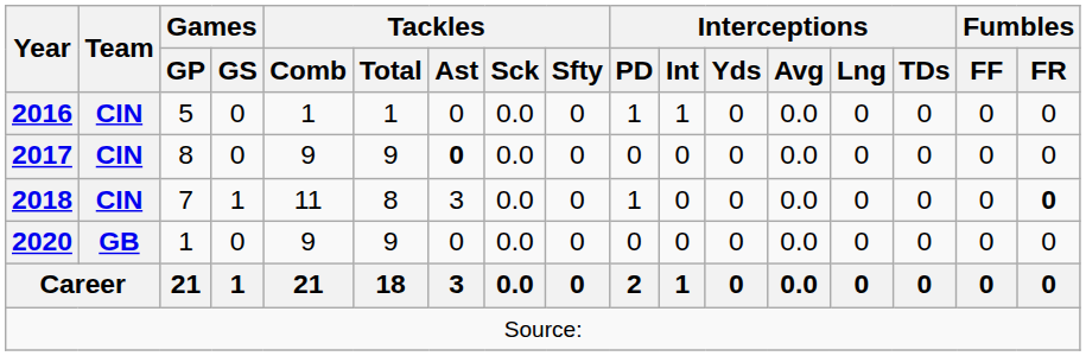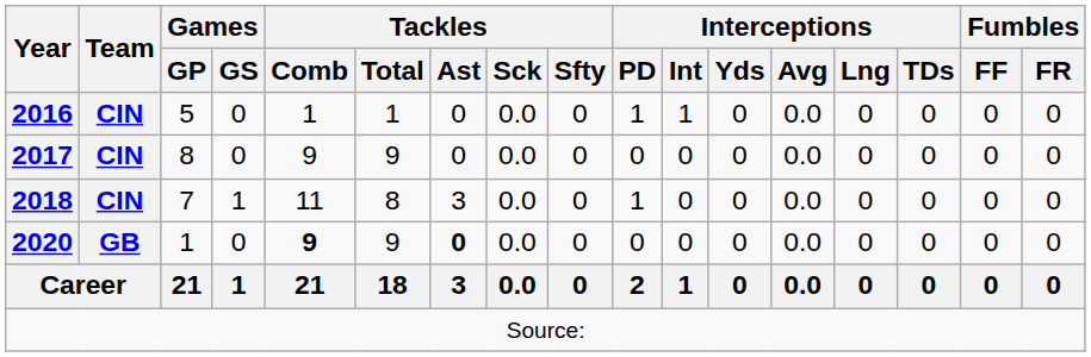 <table class="wikitable" style="text-align: center;">
 <tr>
 <th rowspan="2">Year</th>
 <th rowspan="2">Team</th>
 <th colspan="2">Games</th>
 <th colspan="5">Tackles</th>
 <th colspan="6">Interceptions</th>
 <th colspan="2">Fumbles</th>
 </tr>
 <tr>
 <th>GP</th>
 <th>GS</th>
 <th>Comb</th>
 <th>Total</th>
 <th>Ast</th>
 <th>Sck</th>
 <th>Sfty</th>
 <th>PD</th>
 <th>Int</th>
 <th>Yds</th>
 <th>Avg</th>
 <th>Lng</th>
 <th>TDs</th>
 <th>FF</th>
 <th>FR</th>
 </tr>
 <tr>
 <th><a href='#'>2016</a></th>
 <th><a href='#'>CIN</a></th>
 <td>5</td>
 <td>0</td>
 <td>1</td>
 <td>1</td>
 <td>0</td>
 <td>0.0</td>
 <td>0</td>
 <td>1</td>
 <td>1</td>
 <td>0</td>
 <td>0.0</td>
 <td>0</td>
 <td>0</td>
 <td>0</td>
 <td>0</td>
 </tr>
 <tr>
 <th><a href='#'>2017</a></th>
 <th><a href='#'>CIN</a></th>
 <td>8</td>
 <td>0</td>
 <td>9</td>
 <td>9</td>
-<td><strong>0</strong></td>
+<td>0</td>
 <td>0.0</td>
 <td>0</td>
 <td>0</td>
 <td>0</td>
 <td>0</td>
 <td>0.0</td>
 <td>0</td>
 <td>0</td>
 <td>0</td>
 <td>0</td>
 </tr>
 <tr>
 <th><a href='#'>2018</a></th>
 <th><a href='#'>CIN</a></th>
 <td>7</td>
 <td>1</td>
 <td>11</td>
 <td>8</td>
 <td>3</td>
 <td>0.0</td>
 <td>0</td>
 <td>1</td>
 <td>0</td>
 <td>0</td>
 <td>0.0</td>
 <td>0</td>
 <td>0</td>
 <td>0</td>
-<td><strong>0</strong></td>
+<td>0</td>
 </tr>
 <tr>
 <th><a href='#'>2020</a></th>
 <th><a href='#'>GB</a></th>
 <td>1</td>
 <td>0</td>
+<td><strong>9</strong></td>
 <td>9</td>
-<td>9</td>
-<td>0</td>
+<td><strong>0</strong></td>
 <td>0.0</td>
 <td>0</td>
 <td>0</td>
 <td>0</td>
 <td>0</td>
 <td>0.0</td>
 <td>0</td>
 <td>0</td>
 <td>0</td>
 <td>0</td>
 </tr>
 <tr>
 <th colspan="2">Career</th>
 <th>21</th>
 <th>1</th>
 <th>21</th>
 <th>18</th>
 <th>3</th>
 <th>0.0</th>
 <th>0</th>
 <th>2</th>
 <th>1</th>
 <th>0</th>
 <th>0.0</th>
 <th>0</th>
 <th>0</th>
 <th>0</th>
 <th>0</th>
 </tr>
 <tr>
 <td colspan="17"><small>Source: </small></td>
 </tr>
 </table>
